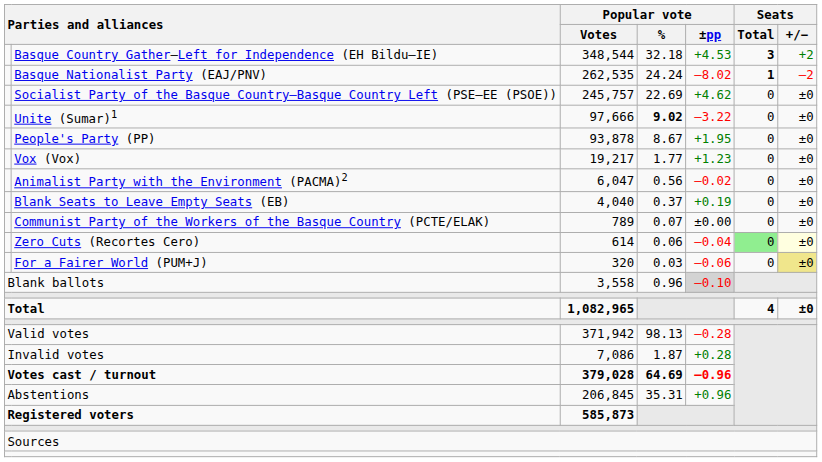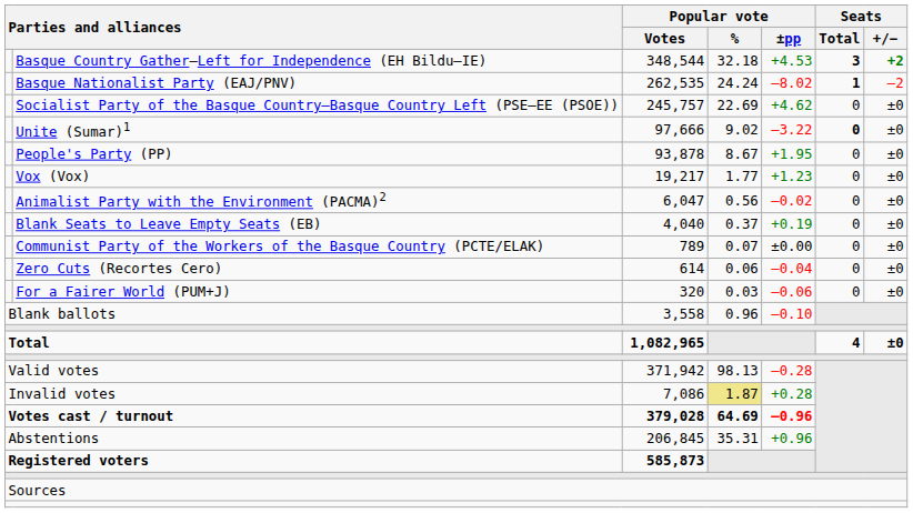 <table class="wikitable" style="text-align:right;">
 <tr>
 <th style="text-align:left;" rowspan="2" colspan="2" width="525">Parties and alliances</th>
 <th colspan="3">Popular vote</th>
 <th colspan="2">Seats</th>
 </tr>
 <tr>
 <th width="75">Votes</th>
 <th width="45">%</th>
 <th width="45">±<a href='#'>pp</a></th>
 <th width="35">Total</th>
 <th width="35">+/−</th>
 </tr>
 <tr>
 <td width="1" style="color:inherit;background:"></td>
 <td align="left"><a href='#'>Basque Country Gather</a>–<a href='#'>Left for Independence</a> (EH Bildu–IE)</td>
 <td>348,544</td>
 <td>32.18</td>
 <td style="color:green;">+4.53</td>
 <td><strong>3</strong></td>
-<td style="color:green;">+2</td>
+<td style="color:green;"><strong>+2</strong></td>
 </tr>
 <tr>
 <td style="color:inherit;background:"></td>
 <td align="left"><a href='#'>Basque Nationalist Party</a> (EAJ/PNV)</td>
 <td>262,535</td>
 <td>24.24</td>
 <td style="color:red;">–8.02</td>
 <td><strong>1</strong></td>
 <td style="color:red;">–2</td>
 </tr>
 <tr>
 <td style="color:inherit;background:"></td>
 <td align="left"><a href='#'>Socialist Party of the Basque Country–Basque Country Left</a> (PSE–EE (PSOE))</td>
 <td>245,757</td>
 <td>22.69</td>
 <td style="color:green;">+4.62</td>
 <td>0</td>
 <td>±0</td>
 </tr>
 <tr>
 <td style="color:inherit;background:"></td>
 <td align="left"><a href='#'>Unite</a> (Sumar)<sup>1</sup></td>
 <td>97,666</td>
-<td><strong>9.02</strong></td>
+<td>9.02</td>
 <td style="color:red;">–3.22</td>
-<td>0</td>
+<td><strong>0</strong></td>
 <td>±0</td>
 </tr>
 <tr>
 <td style="color:inherit;background:"></td>
 <td align="left"><a href='#'>People's Party</a> (PP)</td>
 <td>93,878</td>
 <td>8.67</td>
 <td style="color:green;">+1.95</td>
 <td>0</td>
 <td>±0</td>
 </tr>
 <tr>
 <td style="color:inherit;background:"></td>
 <td align="left"><a href='#'>Vox</a> (Vox)</td>
 <td>19,217</td>
 <td>1.77</td>
 <td style="color:green;">+1.23</td>
 <td>0</td>
 <td>±0</td>
 </tr>
 <tr>
 <td style="color:inherit;background:"></td>
 <td align="left"><a href='#'>Animalist Party with the Environment</a> (PACMA)<sup>2</sup></td>
 <td>6,047</td>
 <td>0.56</td>
 <td style="color:red;">–0.02</td>
 <td>0</td>
 <td>±0</td>
 </tr>
 <tr>
 <td style="color:inherit;background:"></td>
 <td align="left"><a href='#'>Blank Seats to Leave Empty Seats</a> (EB)</td>
 <td>4,040</td>
 <td>0.37</td>
 <td style="color:green;">+0.19</td>
 <td>0</td>
 <td>±0</td>
 </tr>
 <tr>
 <td style="color:inherit;background:"></td>
 <td align="left"><a href='#'>Communist Party of the Workers of the Basque Country</a> (PCTE/ELAK)</td>
 <td>789</td>
 <td>0.07</td>
 <td>±0.00</td>
 <td>0</td>
 <td>±0</td>
 </tr>
 <tr>
 <td style="color:inherit;background:"></td>
 <td align="left"><a href='#'>Zero Cuts</a> (Recortes Cero)</td>
 <td>614</td>
 <td>0.06</td>
 <td style="color:red;">–0.04</td>
-<td style="background: lightgreen;">0</td>
-<td style="background: lightyellow;">±0</td>
+<td>0</td>
+<td>±0</td>
 </tr>
 <tr>
 <td style="color:inherit;background:"></td>
 <td align="left"><a href='#'>For a Fairer World</a> (PUM+J)</td>
 <td>320</td>
 <td>0.03</td>
 <td style="color:red;">–0.06</td>
 <td>0</td>
-<td style="background: khaki;">±0</td>
+<td>±0</td>
 </tr>
 <tr>
 <td align="left" colspan="2">Blank ballots</td>
 <td>3,558</td>
 <td>0.96</td>
-<td style="background: lightgrey; color:red;">–0.10</td>
+<td style="color:red;">–0.10</td>
 <td bgcolor="#E9E9E9" colspan="2"></td>
 </tr>
 <tr>
 <td colspan="7" bgcolor="#E9E9E9"></td>
 </tr>
 <tr style="font-weight:bold;">
 <td align="left" colspan="2">Total</td>
 <td>1,082,965</td>
 <td bgcolor="#E9E9E9" colspan="2"></td>
 <td>4</td>
 <td>±0</td>
 </tr>
 <tr>
 <td colspan="7" bgcolor="#E9E9E9"></td>
 </tr>
 <tr>
 <td align="left" colspan="2">Valid votes</td>
 <td>371,942</td>
 <td>98.13</td>
 <td style="color:red;">–0.28</td>
 <td bgcolor="#E9E9E9" colspan="2" rowspan="5"></td>
 </tr>
 <tr>
 <td align="left" colspan="2">Invalid votes</td>
 <td>7,086</td>
-<td>1.87</td>
+<td style="background: khaki;">1.87</td>
 <td style="color:green;">+0.28</td>
 </tr>
 <tr style="font-weight:bold;">
 <td align="left" colspan="2">Votes cast / turnout</td>
 <td>379,028</td>
 <td>64.69</td>
 <td style="color:red;">–0.96</td>
 </tr>
 <tr>
 <td align="left" colspan="2">Abstentions</td>
 <td>206,845</td>
 <td>35.31</td>
 <td style="color:green;">+0.96</td>
 </tr>
 <tr style="font-weight:bold;">
 <td align="left" colspan="2">Registered voters</td>
 <td>585,873</td>
 <td bgcolor="#E9E9E9" colspan="2"></td>
 </tr>
 <tr>
 <td colspan="7" bgcolor="#E9E9E9"></td>
 </tr>
 <tr>
 <td align="left" colspan="7">Sources</td>
 </tr>
 <tr>
 <td colspan="7" style="text-align:left; max-width:790px;"></td>
 </tr>
 </table>
